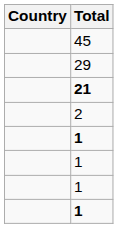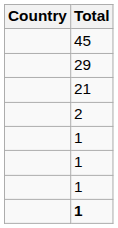 <table class="wikitable sortable">
 <tr>
 <th>Country</th>
 <th>Total</th>
 </tr>
 <tr>
 <td></td>
 <td>45</td>
 </tr>
 <tr>
 <td></td>
 <td>29</td>
 </tr>
 <tr>
 <td></td>
-<td><strong>21</strong></td>
+<td>21</td>
 </tr>
 <tr>
 <td></td>
 <td>2</td>
 </tr>
 <tr>
 <td></td>
-<td><strong>1</strong></td>
+<td>1</td>
 </tr>
 <tr>
 <td></td>
 <td>1</td>
 </tr>
 <tr>
 <td></td>
 <td>1</td>
 </tr>
 <tr>
 <td></td>
 <td><strong>1</strong></td>
 </tr>
 </table>
